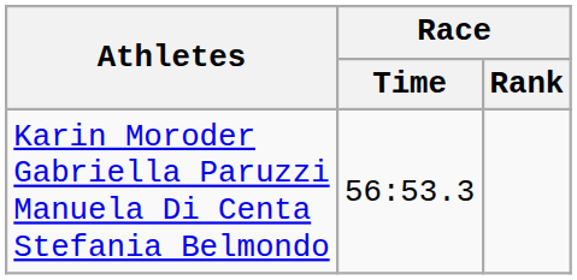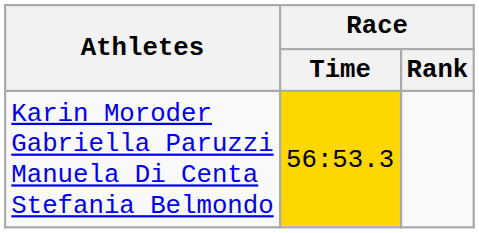 <table class="wikitable" border="1" style="font-size:90%">
 <tr>
 <th rowspan=2>Athletes</th>
 <th colspan=2>Race</th>
 </tr>
 <tr>
 <th>Time</th>
 <th>Rank</th>
 </tr>
 <tr>
 <td><a href='#'>Karin Moroder</a><br><a href='#'>Gabriella Paruzzi</a><br><a href='#'>Manuela Di Centa</a><br><a href='#'>Stefania Belmondo</a></td>
-<td align=center>56:53.3</td>
+<td align=center style="background: gold;">56:53.3</td>
 <td align=center></td>
 </tr>
 </table>
